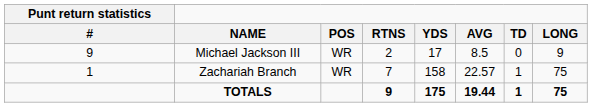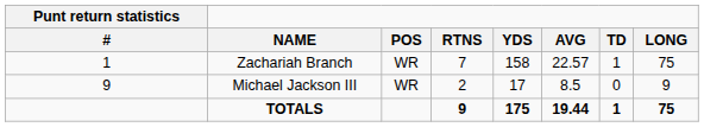 <table style="width:60%; text-align:center;" class="wikitable collapsible collapsed">
 <tr>
 <th style="text-align:center; ">Punt return statistics</th>
 </tr>
 <tr>
 <th>#</th>
 <th>NAME</th>
 <th>POS</th>
 <th>RTNS</th>
 <th>YDS</th>
 <th>AVG</th>
 <th>TD</th>
 <th>LONG</th>
 </tr>
 <tr>
+<td>1</td>
+<td>Zachariah Branch</td>
+<td>WR</td>
+<td>7</td>
+<td>158</td>
+<td>22.57</td>
+<td>1</td>
+<td>75</td>
+</tr>
+<tr>
 <td>9</td>
 <td>Michael Jackson III</td>
 <td>WR</td>
 <td>2</td>
 <td>17</td>
 <td>8.5</td>
 <td>0</td>
 <td>9</td>
-</tr>
-<tr>
-<td>1</td>
-<td>Zachariah Branch</td>
-<td>WR</td>
-<td>7</td>
-<td>158</td>
-<td>22.57</td>
-<td>1</td>
-<td>75</td>
 </tr>
 <tr>
 <td></td>
 <td><strong>TOTALS</strong></td>
 <td></td>
 <td><strong>9</strong></td>
 <td><strong>175</strong></td>
 <td><strong>19.44</strong></td>
 <td><strong>1</strong></td>
 <td><strong>75</strong></td>
 </tr>
 </table>
